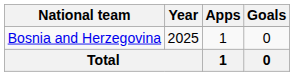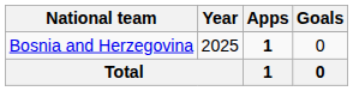 <table class="wikitable" style="text-align:center">
 <tr>
 <th>National team</th>
 <th>Year</th>
 <th>Apps</th>
 <th>Goals</th>
 </tr>
 <tr>
 <td rowspan=2><a href='#'>Bosnia and Herzegovina</a></td>
 </tr>
 <tr>
 <td>2025</td>
-<td>1</td>
+<td><strong>1</strong></td>
 <td>0</td>
 </tr>
 <tr>
 <th colspan=2>Total</th>
 <th>1</th>
 <th>0</th>
 </tr>
 </table>
